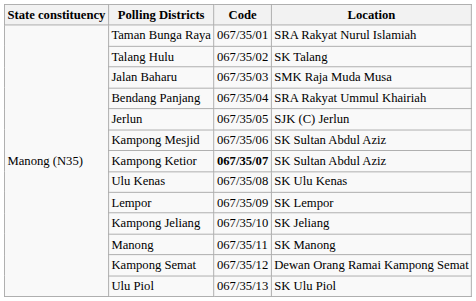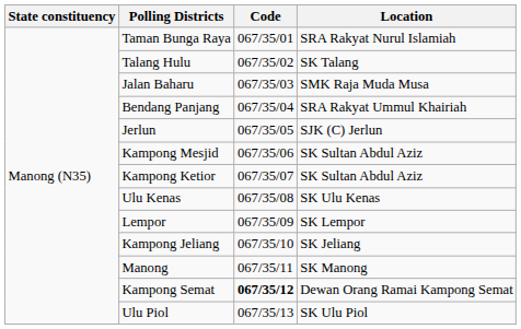 <table class="wikitable sortable mw-collapsible" style="white-space:nowrap;font-size:85%">
 <tr>
 <th>State constituency</th>
 <th>Polling Districts</th>
 <th>Code</th>
 <th>Location</th>
 </tr>
 <tr>
 <td rowspan="13">Manong (N35)</td>
 <td>Taman Bunga Raya</td>
 <td>067/35/01</td>
 <td>SRA Rakyat Nurul Islamiah</td>
 </tr>
 <tr>
 <td>Talang Hulu</td>
 <td>067/35/02</td>
 <td>SK Talang</td>
 </tr>
 <tr>
 <td>Jalan Baharu</td>
 <td>067/35/03</td>
 <td>SMK Raja Muda Musa</td>
 </tr>
 <tr>
 <td>Bendang Panjang</td>
 <td>067/35/04</td>
 <td>SRA Rakyat Ummul Khairiah</td>
 </tr>
 <tr>
 <td>Jerlun</td>
 <td>067/35/05</td>
 <td>SJK (C) Jerlun</td>
 </tr>
 <tr>
 <td>Kampong Mesjid</td>
 <td>067/35/06</td>
 <td>SK Sultan Abdul Aziz</td>
 </tr>
 <tr>
 <td>Kampong Ketior</td>
-<td><strong>067/35/07</strong></td>
+<td>067/35/07</td>
 <td>SK Sultan Abdul Aziz</td>
 </tr>
 <tr>
 <td>Ulu Kenas</td>
 <td>067/35/08</td>
 <td>SK Ulu Kenas</td>
 </tr>
 <tr>
 <td>Lempor</td>
 <td>067/35/09</td>
 <td>SK Lempor</td>
 </tr>
 <tr>
 <td>Kampong Jeliang</td>
 <td>067/35/10</td>
 <td>SK Jeliang</td>
 </tr>
 <tr>
 <td>Manong</td>
 <td>067/35/11</td>
 <td>SK Manong</td>
 </tr>
 <tr>
 <td>Kampong Semat</td>
-<td>067/35/12</td>
+<td><strong>067/35/12</strong></td>
 <td>Dewan Orang Ramai Kampong Semat</td>
 </tr>
 <tr>
 <td>Ulu Piol</td>
 <td>067/35/13</td>
 <td>SK Ulu Piol</td>
 </tr>
 </table>
